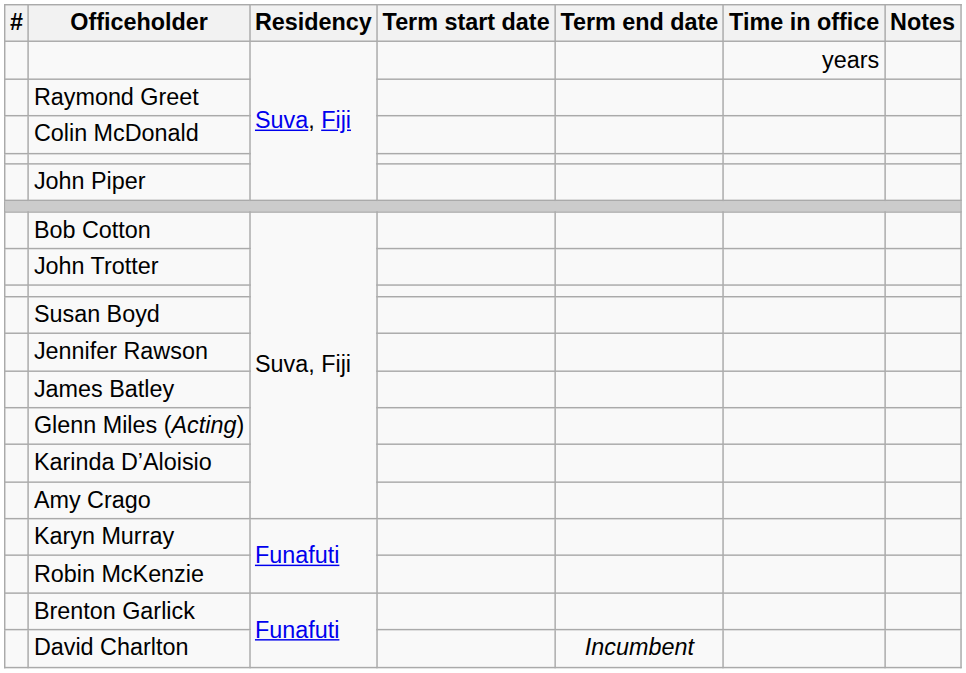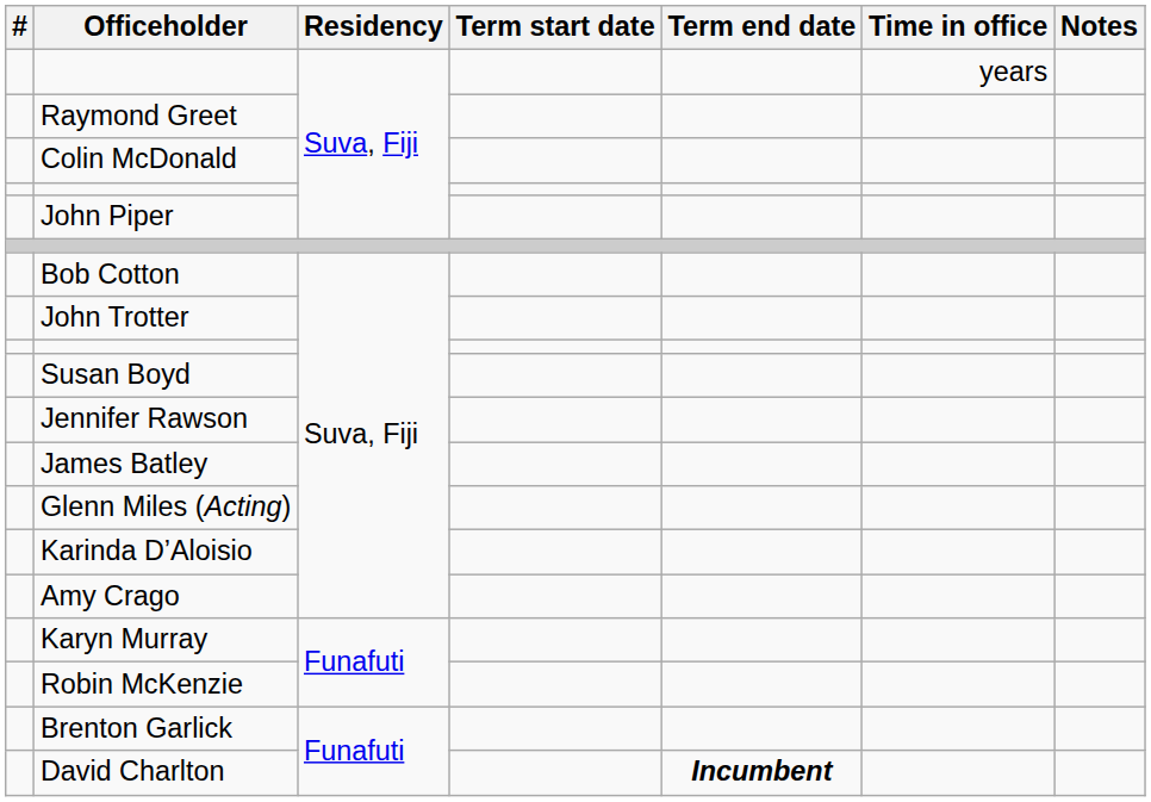 <table class='wikitable sortable'>
 <tr>
 <th>#</th>
 <th>Officeholder</th>
 <th>Residency</th>
 <th>Term start date</th>
 <th>Term end date</th>
 <th>Time in office</th>
 <th>Notes</th>
 </tr>
 <tr>
 <td align=center></td>
 <td></td>
 <td rowspan=5><a href='#'>Suva</a>, <a href='#'>Fiji</a></td>
 <td align=center></td>
 <td align=center></td>
 <td align=right> years</td>
 <td></td>
 </tr>
 <tr>
 <td align=center></td>
 <td>Raymond Greet</td>
 <td align=center></td>
 <td align=center></td>
 <td align=right></td>
 <td></td>
 </tr>
 <tr>
 <td align=center></td>
 <td>Colin McDonald</td>
 <td align=center></td>
 <td align=center></td>
 <td align=right></td>
 <td></td>
 </tr>
 <tr>
 <td align=center></td>
 <td></td>
 <td align=center></td>
 <td align=center></td>
 <td align=right></td>
 <td></td>
 </tr>
 <tr>
 <td align=center></td>
 <td>John Piper</td>
 <td align=center></td>
 <td align=center></td>
 <td align=right></td>
 <td></td>
 </tr>
 <tr>
 <th colspan=8 style="background: #cccccc;"></th>
 </tr>
 <tr>
 <td align=center></td>
 <td>Bob Cotton</td>
 <td rowspan=9>Suva, Fiji</td>
 <td align=center></td>
 <td align=center></td>
 <td align=right></td>
 <td></td>
 </tr>
 <tr>
 <td align=center></td>
 <td>John Trotter</td>
 <td align=center></td>
 <td align=center></td>
 <td align=right></td>
 <td></td>
 </tr>
 <tr>
 <td align=center></td>
 <td></td>
 <td align=center></td>
 <td align=center></td>
 <td align=right></td>
 <td></td>
 </tr>
 <tr>
 <td align=center></td>
 <td>Susan Boyd</td>
 <td align=center></td>
 <td align=center></td>
 <td align=right></td>
 <td></td>
 </tr>
 <tr>
 <td align=center></td>
 <td>Jennifer Rawson</td>
 <td align=center></td>
 <td align=center></td>
 <td align=right></td>
 <td></td>
 </tr>
 <tr>
 <td align=center></td>
 <td>James Batley</td>
 <td align=center></td>
 <td align=center></td>
 <td align=right></td>
 <td></td>
 </tr>
 <tr>
 <td align=center></td>
 <td>Glenn Miles (<em>Acting</em>)</td>
 <td align=center></td>
 <td align=center></td>
 <td align=right></td>
 <td></td>
 </tr>
 <tr>
 <td align=center></td>
 <td>Karinda D’Aloisio</td>
 <td align=center></td>
 <td align=center></td>
 <td align=right></td>
 <td></td>
 </tr>
 <tr>
 <td align=center></td>
 <td>Amy Crago</td>
 <td align=center></td>
 <td align=center></td>
 <td align=right></td>
 <td></td>
 </tr>
 <tr>
 <td align=center></td>
 <td>Karyn Murray</td>
 <td rowspan=2><a href='#'>Funafuti</a></td>
 <td align=center></td>
 <td align=center></td>
 <td align=right></td>
 <td></td>
 </tr>
 <tr>
 <td align=center></td>
 <td>Robin McKenzie</td>
 <td align=center></td>
 <td align=center></td>
 <td align=right></td>
 <td></td>
 </tr>
 <tr>
 <td align=center></td>
 <td>Brenton Garlick</td>
 <td rowspan=2><a href='#'>Funafuti</a></td>
 <td align=center></td>
 <td align=center></td>
 <td align=right></td>
 <td></td>
 </tr>
 <tr>
 <td align=center></td>
 <td>David Charlton</td>
 <td align=center></td>
-<td align=center><em>Incumbent</em></td>
+<td align=center><strong><em>Incumbent</em></strong></td>
 <td align=right></td>
 <td></td>
 </tr>
 </table>
